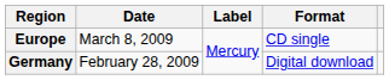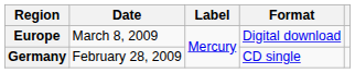 <table class="wikitable plainrowheaders">
 <tr>
 <th scope="col">Region</th>
 <th scope="col">Date</th>
 <th scope="col">Label</th>
 <th scope="col">Format</th>
 <th scope="col"></th>
 </tr>
 <tr>
 <th scope="row">Europe</th>
 <td>March 8, 2009</td>
 <td rowspan="2"><a href='#'>Mercury</a></td>
-<td><a href='#'>CD single</a></td>
+<td><a href='#'>Digital download</a></td>
 <td align="center"></td>
 </tr>
 <tr>
 <th scope="row">Germany</th>
 <td>February 28, 2009</td>
-<td><a href='#'>Digital download</a></td>
+<td><a href='#'>CD single</a></td>
 <td></td>
 </tr>
 </table>
